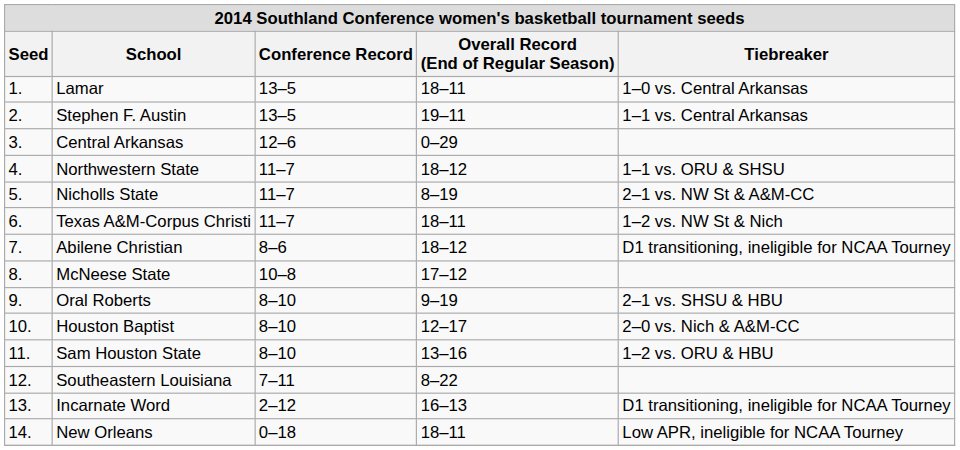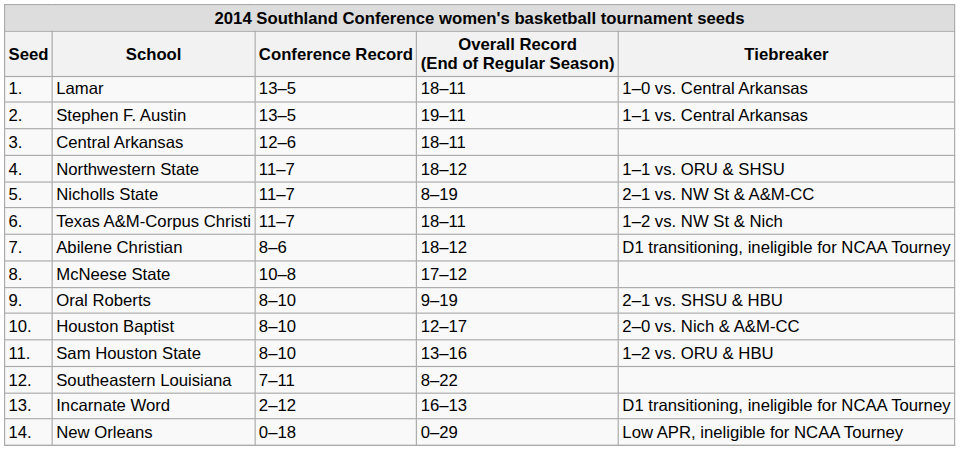 <table class="wikitable" style="white-space:nowrap; font-size:90%;">
 <tr>
 <td colspan="7" style="text-align:center; background:#DDDDDD; font:#000000"><strong>2014 Southland Conference women's basketball tournament seeds</strong></td>
 </tr>
 <tr bgcolor="#efefef">
 <th>Seed</th>
 <th>School</th>
 <th>Conference Record</th>
 <th>Overall Record <br>(End of Regular Season)</th>
 <th>Tiebreaker</th>
 </tr>
 <tr>
 <td>1.</td>
 <td>Lamar</td>
 <td>13–5</td>
 <td>18–11</td>
 <td>1–0 vs. Central Arkansas</td>
 </tr>
 <tr>
 <td>2.</td>
 <td>Stephen F. Austin</td>
 <td>13–5</td>
 <td>19–11</td>
 <td>1–1 vs. Central Arkansas</td>
 </tr>
 <tr>
 <td>3.</td>
 <td>Central Arkansas</td>
 <td>12–6</td>
-<td>0–29</td>
+<td>18–11</td>
 <td></td>
 </tr>
 <tr>
 <td>4.</td>
 <td>Northwestern State</td>
 <td>11–7</td>
 <td>18–12</td>
 <td>1–1 vs. ORU & SHSU</td>
 </tr>
 <tr>
 <td>5.</td>
 <td>Nicholls State</td>
 <td>11–7</td>
 <td>8–19</td>
 <td>2–1 vs. NW St & A&M-CC</td>
 </tr>
 <tr>
 <td>6.</td>
 <td>Texas A&M-Corpus Christi</td>
 <td>11–7</td>
 <td>18–11</td>
 <td>1–2 vs. NW St & Nich</td>
 </tr>
 <tr>
 <td>7.</td>
 <td>Abilene Christian</td>
 <td>8–6</td>
 <td>18–12</td>
 <td>D1 transitioning, ineligible for NCAA Tourney</td>
 </tr>
 <tr>
 <td>8.</td>
 <td>McNeese State</td>
 <td>10–8</td>
 <td>17–12</td>
 <td></td>
 </tr>
 <tr>
 <td>9.</td>
 <td>Oral Roberts</td>
 <td>8–10</td>
 <td>9–19</td>
 <td>2–1 vs. SHSU & HBU</td>
 </tr>
 <tr>
 <td>10.</td>
 <td>Houston Baptist</td>
 <td>8–10</td>
 <td>12–17</td>
 <td>2–0 vs. Nich & A&M-CC</td>
 </tr>
 <tr>
 <td>11.</td>
 <td>Sam Houston State</td>
 <td>8–10</td>
 <td>13–16</td>
 <td>1–2 vs. ORU & HBU</td>
 </tr>
 <tr>
 <td>12.</td>
 <td>Southeastern Louisiana</td>
 <td>7–11</td>
 <td>8–22</td>
 <td></td>
 </tr>
 <tr>
 <td>13.</td>
 <td>Incarnate Word</td>
 <td>2–12</td>
 <td>16–13</td>
 <td>D1 transitioning, ineligible for NCAA Tourney</td>
 </tr>
 <tr>
 <td>14.</td>
 <td>New Orleans</td>
 <td>0–18</td>
-<td>18–11</td>
+<td>0–29</td>
 <td>Low APR, ineligible for NCAA Tourney</td>
 </tr>
 <tr>
 </tr>
 </table>
